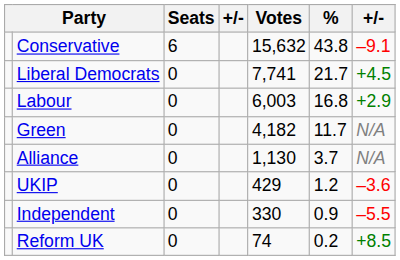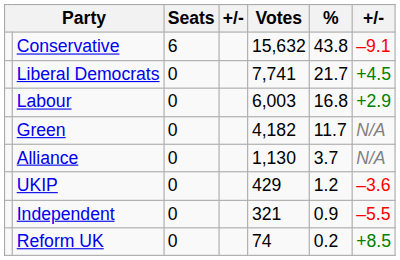 <table class="wikitable">
 <tr>
 <th colspan="2">Party</th>
 <th>Seats</th>
 <th>+/-</th>
 <th>Votes</th>
 <th>%</th>
 <th>+/-</th>
 </tr>
 <tr>
 <td style="background-color: "></td>
 <td><a href='#'>Conservative</a></td>
 <td>6</td>
 <td></td>
 <td>15,632</td>
 <td>43.8</td>
 <td style="color:red">–9.1</td>
 </tr>
 <tr>
 <td style="background-color: "></td>
 <td><a href='#'>Liberal Democrats</a></td>
 <td>0</td>
 <td></td>
 <td>7,741</td>
 <td>21.7</td>
 <td span style="color:green">+4.5</td>
 </tr>
 <tr>
 <td style="background-color: "></td>
 <td><a href='#'>Labour</a></td>
 <td>0</td>
 <td></td>
 <td>6,003</td>
 <td>16.8</td>
 <td style="color:green">+2.9</td>
 </tr>
 <tr>
 <td style="background-color: "></td>
 <td><a href='#'>Green</a></td>
 <td>0</td>
 <td></td>
 <td>4,182</td>
 <td>11.7</td>
 <td span style="color:grey"><em>N/A</em></td>
 </tr>
 <tr>
 <td style="background-color: "></td>
 <td><a href='#'>Alliance</a></td>
 <td>0</td>
 <td></td>
 <td>1,130</td>
 <td>3.7</td>
 <td style="color:grey"><em>N/A</em></td>
 </tr>
 <tr>
 <td style="background-color: "></td>
 <td><a href='#'>UKIP</a></td>
 <td>0</td>
 <td></td>
 <td>429</td>
 <td>1.2</td>
 <td span style="color:red">–3.6</td>
 </tr>
 <tr>
 <td style="background-color: "></td>
 <td><a href='#'>Independent</a></td>
 <td>0</td>
 <td></td>
-<td>330</td>
+<td>321</td>
 <td>0.9</td>
 <td span style="color:red">–5.5</td>
 </tr>
 <tr>
 <td style="background-color: "></td>
 <td><a href='#'>Reform UK</a></td>
 <td>0</td>
 <td></td>
 <td>74</td>
 <td>0.2</td>
 <td style="color:green">+8.5</td>
 </tr>
 </table>
